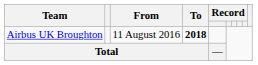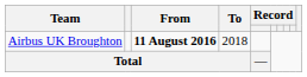 <table class=wikitable style="text-align:center">
 <tr>
 <th rowspan=2>Team</th>
 <th rowspan="2"></th>
 <th rowspan=2>From</th>
 <th rowspan=2>To</th>
 <th colspan=5>Record</th>
 <th rowspan=2></th>
 </tr>
 <tr>
 <th></th>
 <th></th>
 <th></th>
 <th></th>
 <th></th>
 </tr>
 <tr>
 <td align=left><a href='#'>Airbus UK Broughton</a></td>
 <td></td>
-<td align=left>11 August 2016</td>
-<td align=left><strong>2018<br></strong></td>
+<td align=left><strong>11 August 2016</strong></td>
+<td align=left>2018<br></td>
 <td></td>
 </tr>
 <tr>
 <th colspan=4>Total<br></th>
 <th>—</th>
 </tr>
 </table>
